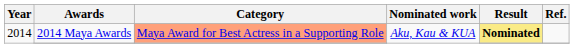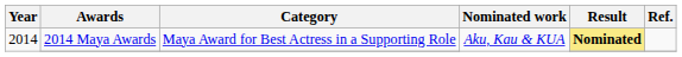 <table class="wikitable" >
 <tr>
 <th>Year</th>
 <th>Awards</th>
 <th>Category</th>
 <th>Nominated work</th>
 <th>Result</th>
 <th>Ref.</th>
 </tr>
 <tr>
 <td align="center" rowspan="4">2014</td>
 <td align="center"><a href='#'>2014 Maya Awards</a></td>
-<td align="left" style="background: lightsalmon;"><a href='#'>Maya Award for Best Actress in a Supporting Role</a></td>
+<td align="left"><a href='#'>Maya Award for Best Actress in a Supporting Role</a></td>
 <td align="center" rowspan="11"><em><a href='#'>Aku, Kau & KUA</a></em></td>
 <td style="background: #FAEB86; color: black; vertical-align: middle; text-align:center;"><strong>Nominated</strong></td>
 <td></td>
 </tr>
 <tr>
 </tr>
 </table>
